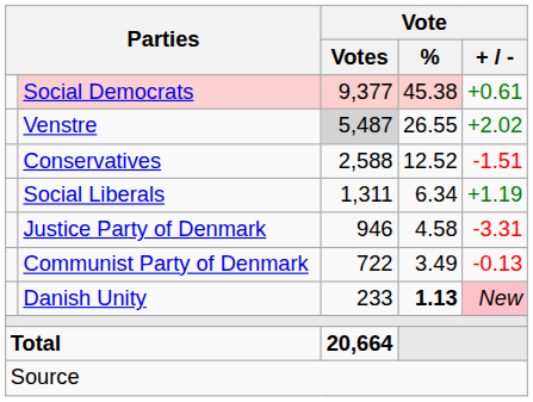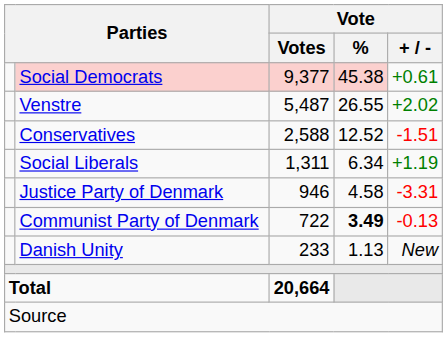 <table class="wikitable" style="text-align:right;">
 <tr>
 <th style="text-align:centre;" rowspan="2" colspan="2" width="225">Parties</th>
 <th colspan="3">Vote</th>
 </tr>
 <tr>
 <th width="15">Votes</th>
 <th width="15">%</th>
 <th width="15">+ / -</th>
 </tr>
 <tr>
 <td width="2" style="color:inherit;background:"></td>
 <td bgcolor=#fbd0ce  align="left"><a href='#'>Social Democrats</a></td>
 <td bgcolor=#fbd0ce>9,377</td>
 <td bgcolor=#fbd0ce>45.38</td>
 <td style=color:green;>+0.61</td>
 </tr>
 <tr>
 <td width="2" style="color:inherit;background:"></td>
 <td align="left"><a href='#'>Venstre</a></td>
-<td style="background: lightgrey;">5,487</td>
+<td>5,487</td>
 <td>26.55</td>
 <td style=color:green;>+2.02</td>
 </tr>
 <tr>
 <td width="2" style="color:inherit;background:"></td>
 <td align="left"><a href='#'>Conservatives</a></td>
 <td>2,588</td>
 <td>12.52</td>
 <td style=color:red;>-1.51</td>
 </tr>
 <tr>
 <td width="2" style="color:inherit;background:"></td>
 <td align="left"><a href='#'>Social Liberals</a></td>
 <td>1,311</td>
 <td>6.34</td>
 <td style=color:green;>+1.19</td>
 </tr>
 <tr>
 <td width="2" style="color:inherit;background:"></td>
 <td align="left"><a href='#'>Justice Party of Denmark</a></td>
 <td>946</td>
 <td>4.58</td>
 <td style=color:red;>-3.31</td>
 </tr>
 <tr>
 <td width="2" style="color:inherit;background:"></td>
 <td align="left"><a href='#'>Communist Party of Denmark</a></td>
 <td>722</td>
-<td>3.49</td>
+<td><strong>3.49</strong></td>
 <td style=color:red;>-0.13</td>
 </tr>
 <tr>
 <td width="2" style="color:inherit;background:"></td>
 <td align="left"><a href='#'>Danish Unity</a></td>
 <td>233</td>
-<td><strong>1.13</strong></td>
-<td style="background: pink;"><em>New</em></td>
+<td>1.13</td>
+<td><em>New</em></td>
 </tr>
 <tr>
 <td colspan="7" bgcolor="#E9E9E9"></td>
 </tr>
 <tr>
 <td align="left" colspan="2"><strong>Total</strong></td>
 <td><strong>20,664</strong></td>
 <td bgcolor="#E9E9E9" colspan="2"></td>
 </tr>
 <tr>
 <td align="left" colspan="6">Source</td>
 </tr>
 </table>
